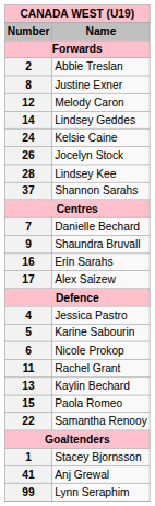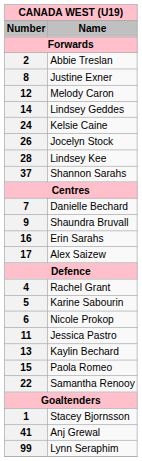 <table class="wikitable" style="text-align:left; font-size:90%;">
 <tr>
 <th style=background:pink colspan=2>CANADA WEST (U19)</th>
 </tr>
 <tr>
 </tr>
 <tr>
 <th width=10 style="background:silver;">Number</th>
 <th style="background:silver;">Name</th>
 </tr>
 <tr>
 <th style=background:pink colspan=2>Forwards</th>
 </tr>
 <tr>
 <th>2</th>
 <td>Abbie Treslan</td>
 </tr>
 <tr>
 <th>8</th>
 <td>Justine Exner</td>
 </tr>
 <tr>
 <th>12</th>
 <td>Melody Caron</td>
 </tr>
 <tr>
 <th>14</th>
 <td>Lindsey Geddes</td>
 </tr>
 <tr>
 <th>24</th>
 <td>Kelsie Caine</td>
 </tr>
 <tr>
 <th>26</th>
 <td>Jocelyn Stock</td>
 </tr>
 <tr>
 <th>28</th>
 <td>Lindsey Kee</td>
 </tr>
 <tr>
 <th>37</th>
 <td>Shannon Sarahs</td>
 </tr>
 <tr>
 <th style=background:pink colspan=2>Centres</th>
 </tr>
 <tr>
 <th>7</th>
 <td>Danielle Bechard</td>
 </tr>
 <tr>
 <th>9</th>
 <td>Shaundra Bruvall</td>
 </tr>
 <tr>
 <th>16</th>
 <td>Erin Sarahs</td>
 </tr>
 <tr>
 <th>17</th>
 <td>Alex Saizew</td>
 </tr>
 <tr>
 <th style=background:pink colspan=2>Defence</th>
 </tr>
 <tr>
 <th>4</th>
-<td>Jessica Pastro</td>
+<td>Rachel Grant</td>
 </tr>
 <tr>
 <th>5</th>
 <td>Karine Sabourin</td>
 </tr>
 <tr>
 <th>6</th>
 <td>Nicole Prokop</td>
 </tr>
 <tr>
 <th>11</th>
-<td>Rachel Grant</td>
+<td>Jessica Pastro</td>
 </tr>
 <tr>
 <th>13</th>
 <td>Kaylin Bechard</td>
 </tr>
 <tr>
 <th>15</th>
 <td>Paola Romeo</td>
 </tr>
 <tr>
 <th>22</th>
 <td>Samantha Renooy</td>
 </tr>
 <tr>
 <th style=background:pink colspan=2>Goaltenders</th>
 </tr>
 <tr>
 <th>1</th>
 <td>Stacey Bjornsson</td>
 </tr>
 <tr>
 <th>41</th>
 <td>Anj Grewal</td>
 </tr>
 <tr>
 <th>99</th>
 <td>Lynn Seraphim</td>
 </tr>
 <tr>
 </tr>
 </table>
